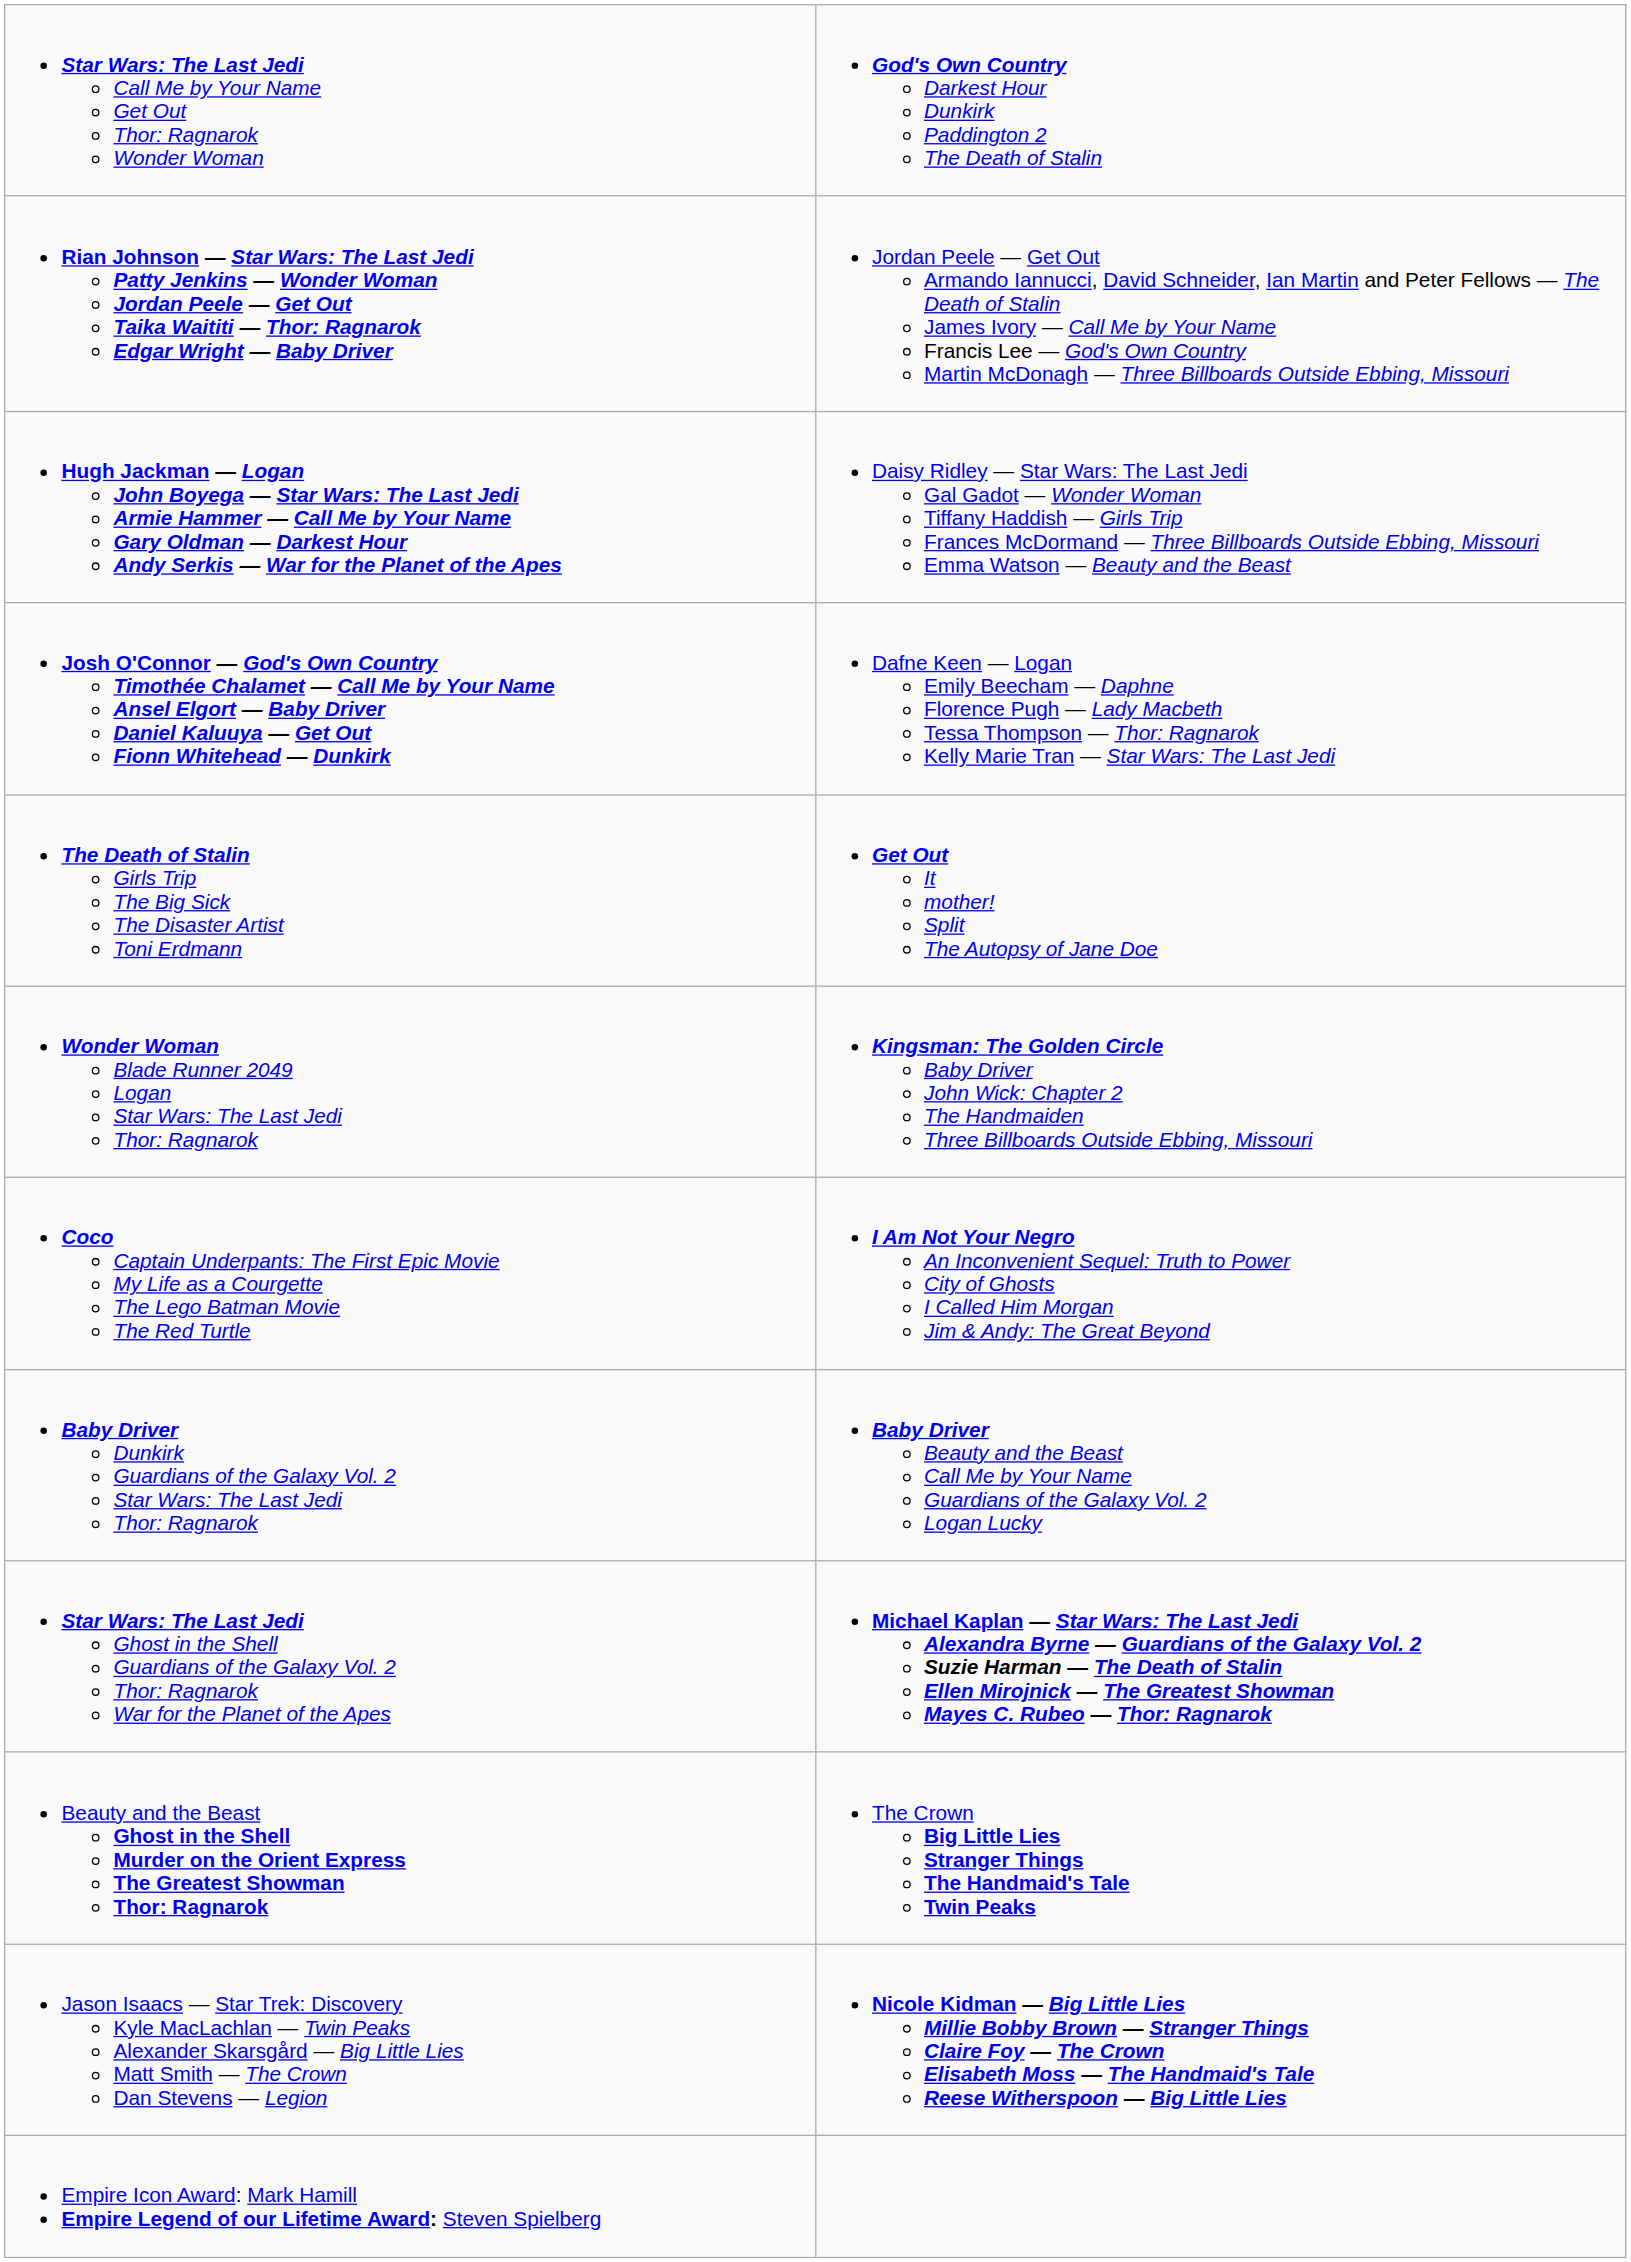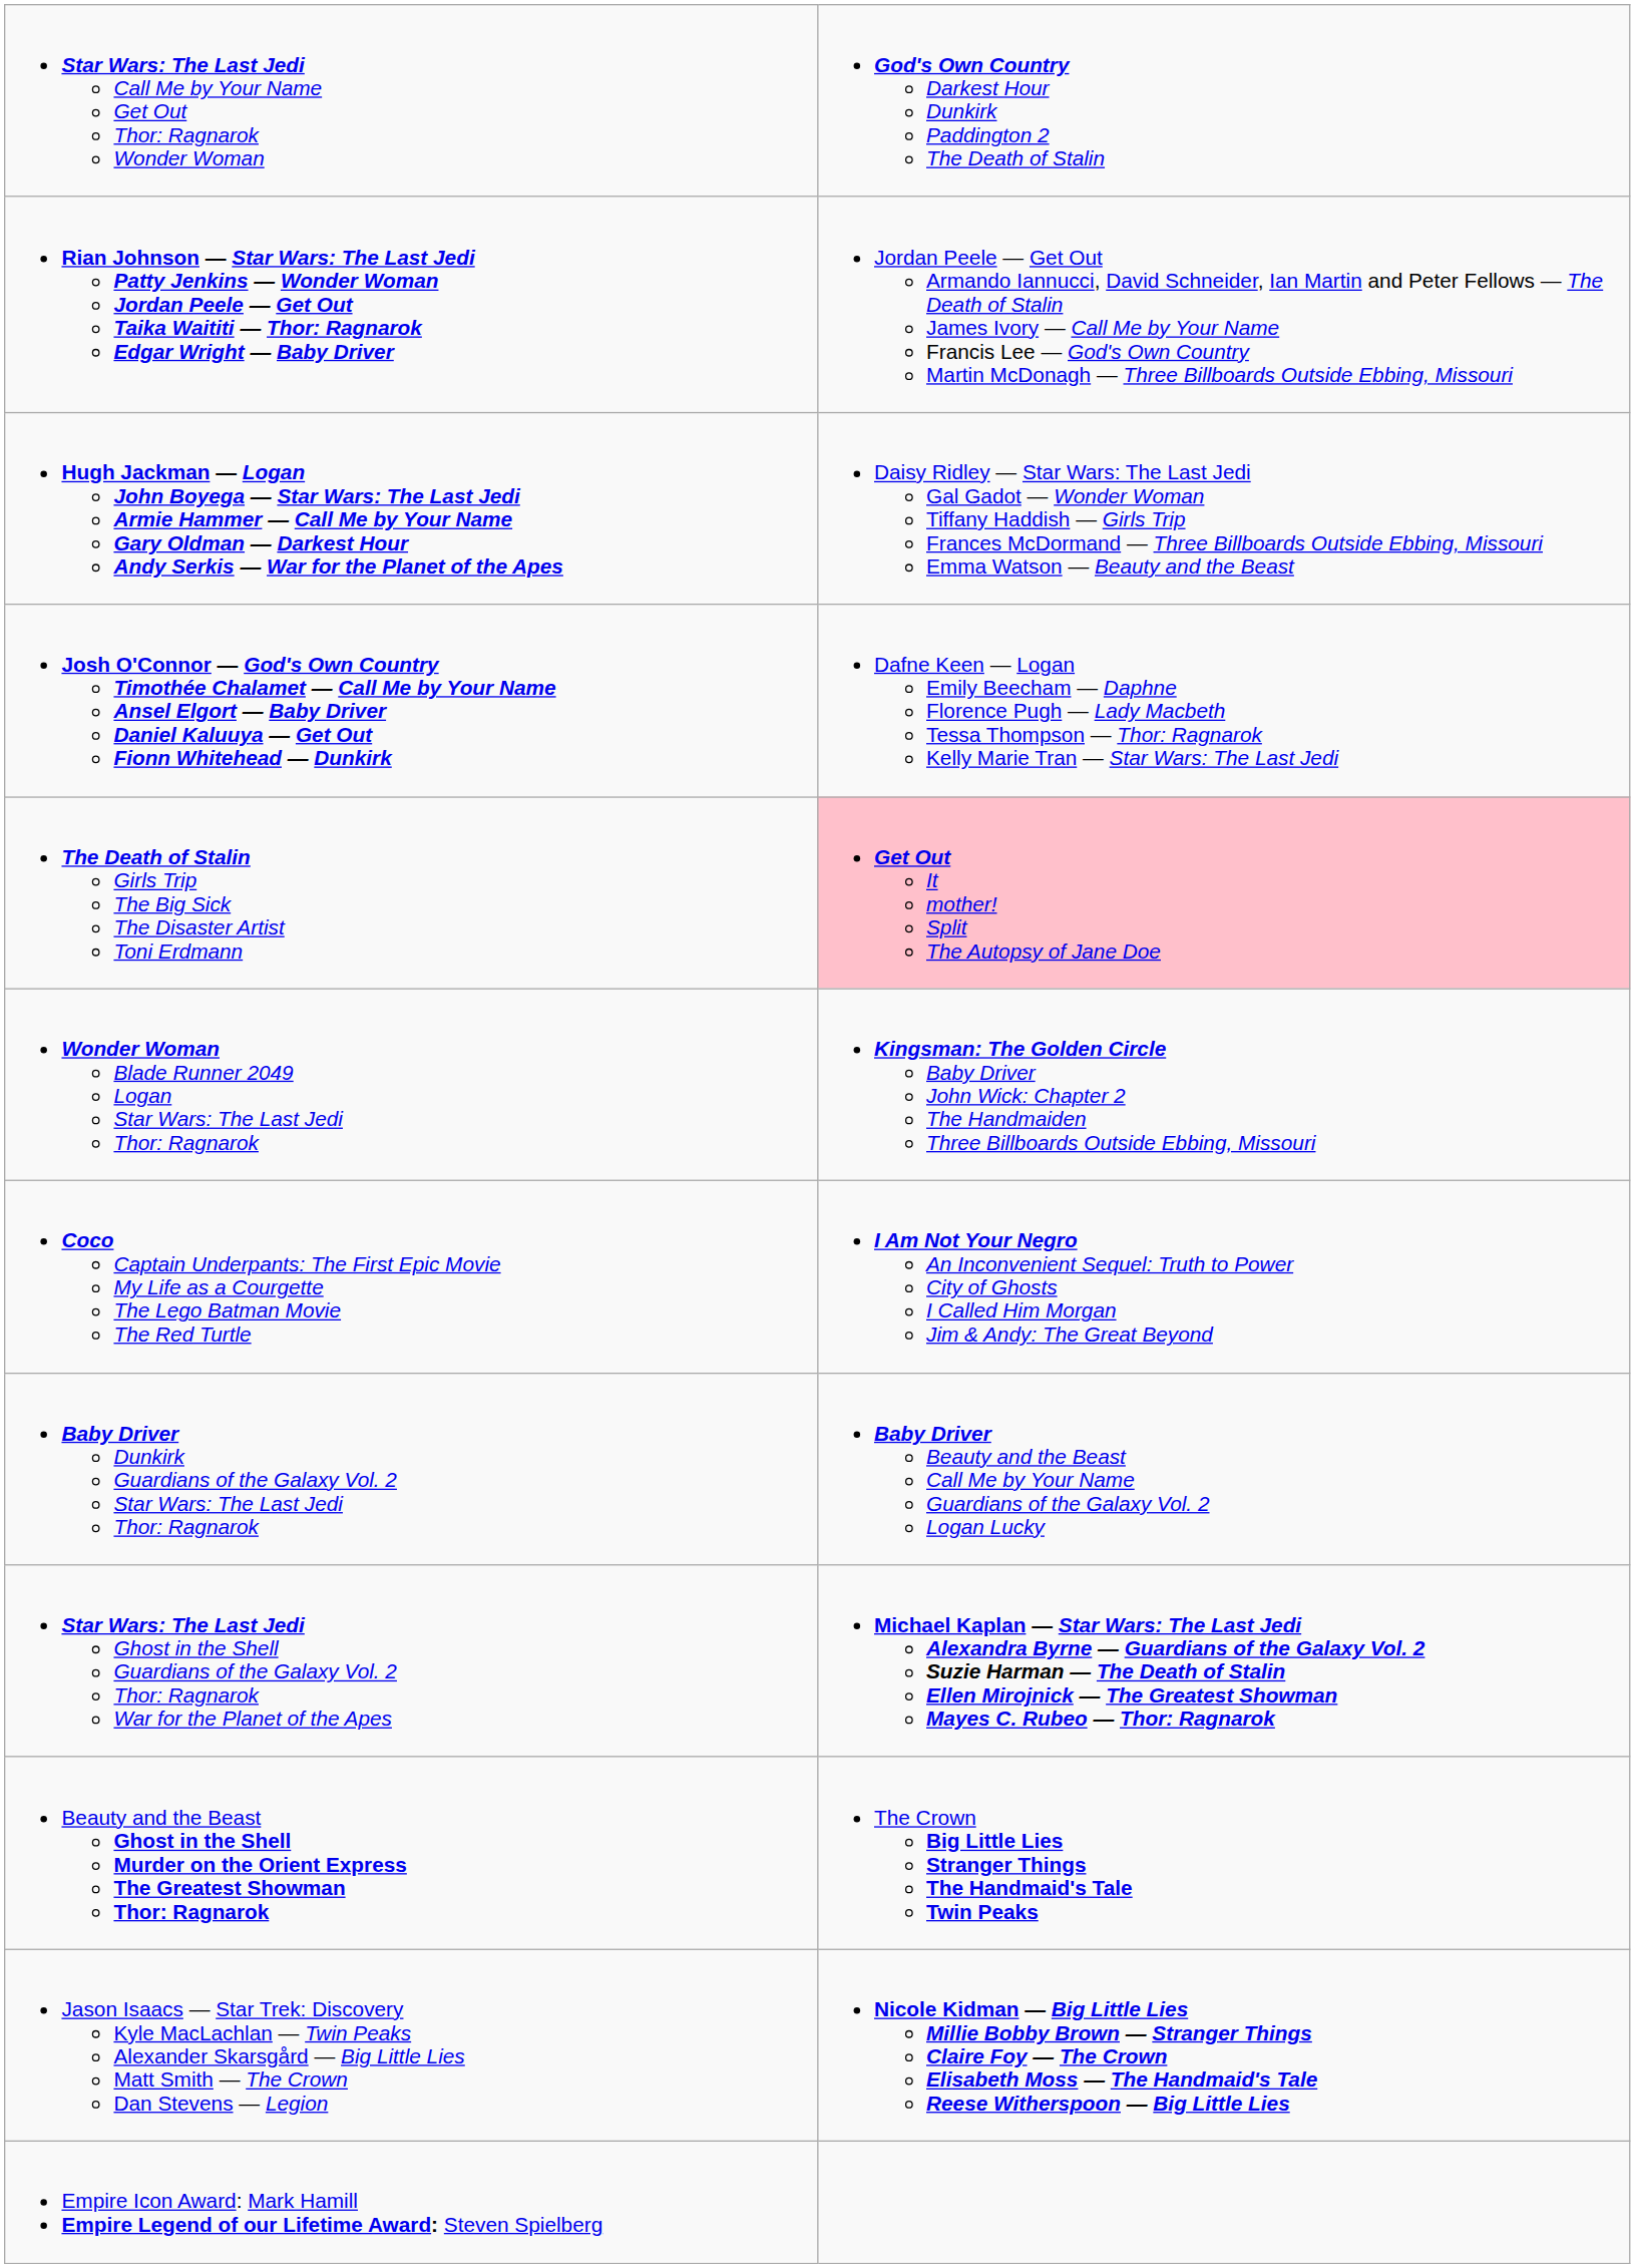 <table class=wikitable>
 <tr>
 <td style="vertical-align:top;" width="50%"><br><ul><li><strong><em><a href='#'>Star Wars: The Last Jedi</a></em></strong><ul><li><em><a href='#'>Call Me by Your Name</a></em></li><li><em><a href='#'>Get Out</a></em></li><li><em><a href='#'>Thor: Ragnarok</a></em></li><li><em><a href='#'>Wonder Woman</a></em></li></ul></li></ul></td>
 <td style="vertical-align:top;" width="50%"><br><ul><li><strong><em><a href='#'>God's Own Country</a></em></strong><ul><li><em><a href='#'>Darkest Hour</a></em></li><li><em><a href='#'>Dunkirk</a></em></li><li><em><a href='#'>Paddington 2</a></em></li><li><em><a href='#'>The Death of Stalin</a></em></li></ul></li></ul></td>
 </tr>
 <tr>
 <td style="vertical-align:top;" width="50%"><br><ul><li><strong><a href='#'>Rian Johnson</a> — <em><a href='#'>Star Wars: The Last Jedi</a><strong><em><ul><li><a href='#'>Patty Jenkins</a> — </em><a href='#'>Wonder Woman</a><em></li><li><a href='#'>Jordan Peele</a> — </em><a href='#'>Get Out</a><em></li><li><a href='#'>Taika Waititi</a> — </em><a href='#'>Thor: Ragnarok</a><em></li><li><a href='#'>Edgar Wright</a> — </em><a href='#'>Baby Driver</a><em></li></ul></li></ul></td>
 <td style="vertical-align:top;" width="50%"><br><ul><li></strong><a href='#'>Jordan Peele</a> — </em><a href='#'>Get Out</a></em></strong><ul><li><a href='#'>Armando Iannucci</a>, <a href='#'>David Schneider</a>, <a href='#'>Ian Martin</a> and Peter Fellows — <em><a href='#'>The Death of Stalin</a></em></li><li><a href='#'>James Ivory</a> — <em><a href='#'>Call Me by Your Name</a></em></li><li>Francis Lee — <em><a href='#'>God's Own Country</a></em></li><li><a href='#'>Martin McDonagh</a> — <em><a href='#'>Three Billboards Outside Ebbing, Missouri</a></em></li></ul></li></ul></td>
 </tr>
 <tr>
 <td style="vertical-align:top;" width="50%"><br><ul><li><strong><a href='#'>Hugh Jackman</a> — <em><a href='#'>Logan</a><strong><em><ul><li><a href='#'>John Boyega</a> — </em><a href='#'>Star Wars: The Last Jedi</a><em></li><li><a href='#'>Armie Hammer</a> — </em><a href='#'>Call Me by Your Name</a><em></li><li><a href='#'>Gary Oldman</a> — </em><a href='#'>Darkest Hour</a><em></li><li><a href='#'>Andy Serkis</a> — </em><a href='#'>War for the Planet of the Apes</a><em></li></ul></li></ul></td>
 <td style="vertical-align:top;" width="50%"><br><ul><li></strong><a href='#'>Daisy Ridley</a> — </em><a href='#'>Star Wars: The Last Jedi</a></em></strong><ul><li><a href='#'>Gal Gadot</a> — <em><a href='#'>Wonder Woman</a></em></li><li><a href='#'>Tiffany Haddish</a> — <em><a href='#'>Girls Trip</a></em></li><li><a href='#'>Frances McDormand</a> — <em><a href='#'>Three Billboards Outside Ebbing, Missouri</a></em></li><li><a href='#'>Emma Watson</a> — <em><a href='#'>Beauty and the Beast</a></em></li></ul></li></ul></td>
 </tr>
 <tr>
 <td style="vertical-align:top;" width="50%"><br><ul><li><strong><a href='#'>Josh O'Connor</a> — <em><a href='#'>God's Own Country</a><strong><em><ul><li><a href='#'>Timothée Chalamet</a> — </em><a href='#'>Call Me by Your Name</a><em></li><li><a href='#'>Ansel Elgort</a> — </em><a href='#'>Baby Driver</a><em></li><li><a href='#'>Daniel Kaluuya</a> — </em><a href='#'>Get Out</a><em></li><li><a href='#'>Fionn Whitehead</a> — </em><a href='#'>Dunkirk</a><em></li></ul></li></ul></td>
 <td style="vertical-align:top;" width="50%"><br><ul><li></strong><a href='#'>Dafne Keen</a> — </em><a href='#'>Logan</a></em></strong><ul><li><a href='#'>Emily Beecham</a> — <em><a href='#'>Daphne</a></em></li><li><a href='#'>Florence Pugh</a> — <em><a href='#'>Lady Macbeth</a></em></li><li><a href='#'>Tessa Thompson</a> — <em><a href='#'>Thor: Ragnarok</a></em></li><li><a href='#'>Kelly Marie Tran</a> — <em><a href='#'>Star Wars: The Last Jedi</a></em></li></ul></li></ul></td>
 </tr>
 <tr>
 <td style="vertical-align:top;" width="50%"><br><ul><li><strong><em><a href='#'>The Death of Stalin</a></em></strong><ul><li><em><a href='#'>Girls Trip</a></em></li><li><em><a href='#'>The Big Sick</a></em></li><li><em><a href='#'>The Disaster Artist</a></em></li><li><em><a href='#'>Toni Erdmann</a></em></li></ul></li></ul></td>
-<td style="vertical-align:top;" width="50%"><br><ul><li><strong><em><a href='#'>Get Out</a></em></strong><ul><li><em><a href='#'>It</a></em></li><li><em><a href='#'>mother!</a></em></li><li><em><a href='#'>Split</a></em></li><li><em><a href='#'>The Autopsy of Jane Doe</a></em></li></ul></li></ul></td>
+<td style="background: pink; vertical-align:top;" width="50%"><br><ul><li><strong><em><a href='#'>Get Out</a></em></strong><ul><li><em><a href='#'>It</a></em></li><li><em><a href='#'>mother!</a></em></li><li><em><a href='#'>Split</a></em></li><li><em><a href='#'>The Autopsy of Jane Doe</a></em></li></ul></li></ul></td>
 </tr>
 <tr>
 <td style="vertical-align:top;" width="50%"><br><ul><li><strong><em><a href='#'>Wonder Woman</a></em></strong><ul><li><em><a href='#'>Blade Runner 2049</a></em></li><li><em><a href='#'>Logan</a></em></li><li><em><a href='#'>Star Wars: The Last Jedi</a></em></li><li><em><a href='#'>Thor: Ragnarok</a></em></li></ul></li></ul></td>
 <td style="vertical-align:top;" width="50%"><br><ul><li><strong><em><a href='#'>Kingsman: The Golden Circle</a></em></strong><ul><li><em><a href='#'>Baby Driver</a></em></li><li><em><a href='#'>John Wick: Chapter 2</a></em></li><li><em><a href='#'>The Handmaiden</a></em></li><li><em><a href='#'>Three Billboards Outside Ebbing, Missouri</a></em></li></ul></li></ul></td>
 </tr>
 <tr>
 <td style="vertical-align:top;" width="50%"><br><ul><li><strong><em><a href='#'>Coco</a></em></strong><ul><li><em><a href='#'>Captain Underpants: The First Epic Movie</a></em></li><li><em><a href='#'>My Life as a Courgette</a></em></li><li><em><a href='#'>The Lego Batman Movie</a></em></li><li><em><a href='#'>The Red Turtle</a></em></li></ul></li></ul></td>
 <td style="vertical-align:top;" width="50%"><br><ul><li><strong><em><a href='#'>I Am Not Your Negro</a></em></strong><ul><li><em><a href='#'>An Inconvenient Sequel: Truth to Power</a></em></li><li><em><a href='#'>City of Ghosts</a></em></li><li><em><a href='#'>I Called Him Morgan</a></em></li><li><em><a href='#'>Jim & Andy: The Great Beyond</a></em></li></ul></li></ul></td>
 </tr>
 <tr>
 <td style="vertical-align:top;" width="50%"><br><ul><li><strong><em><a href='#'>Baby Driver</a></em></strong><ul><li><em><a href='#'>Dunkirk</a></em></li><li><em><a href='#'>Guardians of the Galaxy Vol. 2</a></em></li><li><em><a href='#'>Star Wars: The Last Jedi</a></em></li><li><em><a href='#'>Thor: Ragnarok</a></em></li></ul></li></ul></td>
 <td style="vertical-align:top;" width="50%"><br><ul><li><strong><em><a href='#'>Baby Driver</a></em></strong><ul><li><em><a href='#'>Beauty and the Beast</a></em></li><li><em><a href='#'>Call Me by Your Name</a></em></li><li><em><a href='#'>Guardians of the Galaxy Vol. 2</a></em></li><li><em><a href='#'>Logan Lucky</a></em></li></ul></li></ul></td>
 </tr>
 <tr>
 <td style="vertical-align:top;" width="50%"><br><ul><li><strong><em><a href='#'>Star Wars: The Last Jedi</a></em></strong><ul><li><em><a href='#'>Ghost in the Shell</a></em></li><li><em><a href='#'>Guardians of the Galaxy Vol. 2</a></em></li><li><em><a href='#'>Thor: Ragnarok</a></em></li><li><em><a href='#'>War for the Planet of the Apes</a></em></li></ul></li></ul></td>
 <td style="vertical-align:top;" width="50%"><br><ul><li><strong><a href='#'>Michael Kaplan</a> — <em><a href='#'>Star Wars: The Last Jedi</a><strong><em><ul><li><a href='#'>Alexandra Byrne</a> — </em><a href='#'>Guardians of the Galaxy Vol. 2</a><em></li><li>Suzie Harman — </em><a href='#'>The Death of Stalin</a><em></li><li><a href='#'>Ellen Mirojnick</a> — </em><a href='#'>The Greatest Showman</a><em></li><li><a href='#'>Mayes C. Rubeo</a> — </em><a href='#'>Thor: Ragnarok</a><em></li></ul></li></ul></td>
 </tr>
 <tr>
 <td style="vertical-align:top;" width="50%"><br><ul><li></em></strong><a href='#'>Beauty and the Beast</a><strong><em><ul><li></em><a href='#'>Ghost in the Shell</a><em></li><li></em><a href='#'>Murder on the Orient Express</a><em></li><li></em><a href='#'>The Greatest Showman</a><em></li><li></em><a href='#'>Thor: Ragnarok</a><em></li></ul></li></ul></td>
 <td style="vertical-align:top;" width="50%"><br><ul><li></em></strong><a href='#'>The Crown</a><strong><em><ul><li></em><a href='#'>Big Little Lies</a><em></li><li></em><a href='#'>Stranger Things</a><em></li><li></em><a href='#'>The Handmaid's Tale</a><em></li><li></em><a href='#'>Twin Peaks</a><em></li></ul></li></ul></td>
 </tr>
 <tr>
 <td style="vertical-align:top;" width="50%"><br><ul><li></strong><a href='#'>Jason Isaacs</a> — </em><a href='#'>Star Trek: Discovery</a></em></strong><ul><li><a href='#'>Kyle MacLachlan</a> — <em><a href='#'>Twin Peaks</a></em></li><li><a href='#'>Alexander Skarsgård</a> — <em><a href='#'>Big Little Lies</a></em></li><li><a href='#'>Matt Smith</a> — <em><a href='#'>The Crown</a></em></li><li><a href='#'>Dan Stevens</a> — <em><a href='#'>Legion</a></em></li></ul></li></ul></td>
 <td style="vertical-align:top;" width="50%"><br><ul><li><strong><a href='#'>Nicole Kidman</a> — <em><a href='#'>Big Little Lies</a><strong><em><ul><li><a href='#'>Millie Bobby Brown</a> — </em><a href='#'>Stranger Things</a><em></li><li><a href='#'>Claire Foy</a> — </em><a href='#'>The Crown</a><em></li><li><a href='#'>Elisabeth Moss</a> — </em><a href='#'>The Handmaid's Tale</a><em></li><li><a href='#'>Reese Witherspoon</a> — </em><a href='#'>Big Little Lies</a><em></li></ul></li></ul></td>
 </tr>
 <tr>
 <td style="vertical-align:top;" width="50%"><br><ul><li><a href='#'>Empire Icon Award</a>: </strong><a href='#'>Mark Hamill</a><strong></li><li><a href='#'>Empire Legend of our Lifetime Award</a>: </strong><a href='#'>Steven Spielberg</a><strong></li></ul></td>
 </tr>
 </table>
